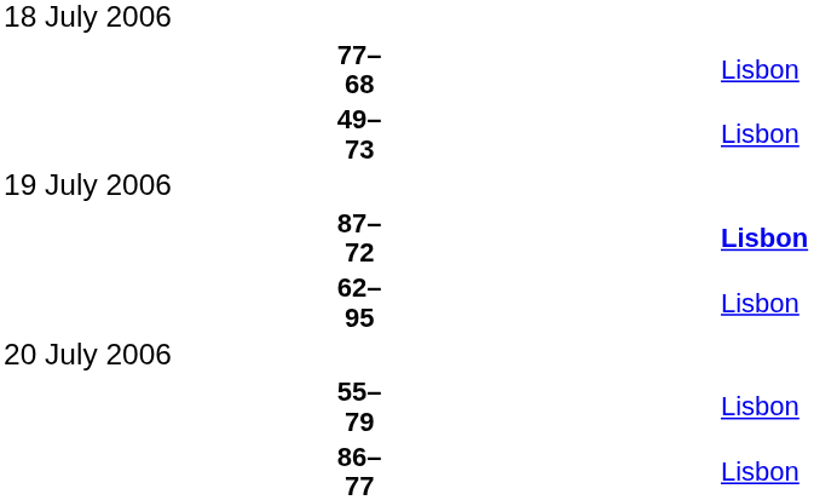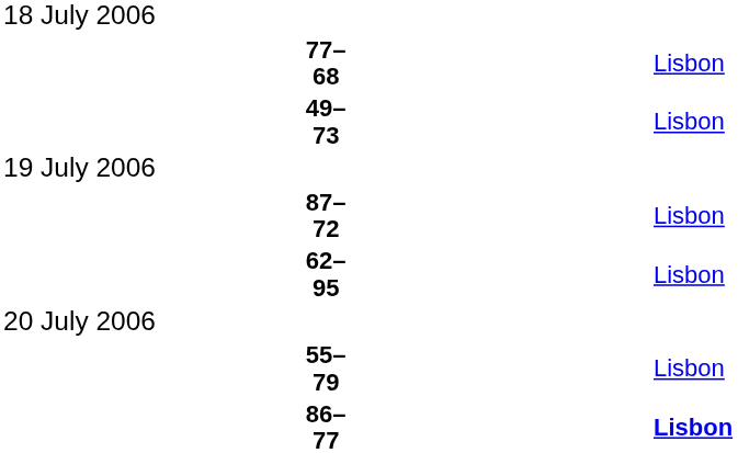 <table style="width:100%;" cellspacing="1">
 <tr>
 <th width=25%></th>
 <th width=3%></th>
 <th width=6%></th>
 <th width=3%></th>
 <th width=25%></th>
 </tr>
 <tr>
 <td>18 July 2006</td>
 </tr>
 <tr style=font-size:90%>
 <td align=right><strong></strong></td>
 <td></td>
 <td align=center><strong>77–68</strong></td>
 <td></td>
 <td><strong></strong></td>
 <td><a href='#'>Lisbon</a></td>
 </tr>
 <tr style=font-size:90%>
 <td align=right><strong></strong></td>
 <td></td>
 <td align=center><strong>49–73</strong></td>
 <td></td>
 <td><strong></strong></td>
 <td><a href='#'>Lisbon</a></td>
 </tr>
 <tr>
 <td>19 July 2006</td>
 </tr>
 <tr style=font-size:90%>
 <td align=right><strong></strong></td>
 <td></td>
 <td align=center><strong>87–72</strong></td>
 <td></td>
 <td><strong></strong></td>
-<td><strong><a href='#'>Lisbon</a></strong></td>
+<td><a href='#'>Lisbon</a></td>
 </tr>
 <tr style=font-size:90%>
 <td align=right><strong></strong></td>
 <td></td>
 <td align=center><strong>62–95</strong></td>
 <td></td>
 <td><strong></strong></td>
 <td><a href='#'>Lisbon</a></td>
 </tr>
 <tr>
 <td>20 July 2006</td>
 </tr>
 <tr style=font-size:90%>
 <td align=right><strong></strong></td>
 <td></td>
 <td align=center><strong>55–79</strong></td>
 <td></td>
 <td><strong></strong></td>
 <td><a href='#'>Lisbon</a></td>
 </tr>
 <tr style=font-size:90%>
 <td align=right><strong></strong></td>
 <td></td>
 <td align=center><strong>86–77</strong></td>
 <td></td>
 <td><strong></strong></td>
-<td><a href='#'>Lisbon</a></td>
+<td><strong><a href='#'>Lisbon</a></strong></td>
 </tr>
 </table>
